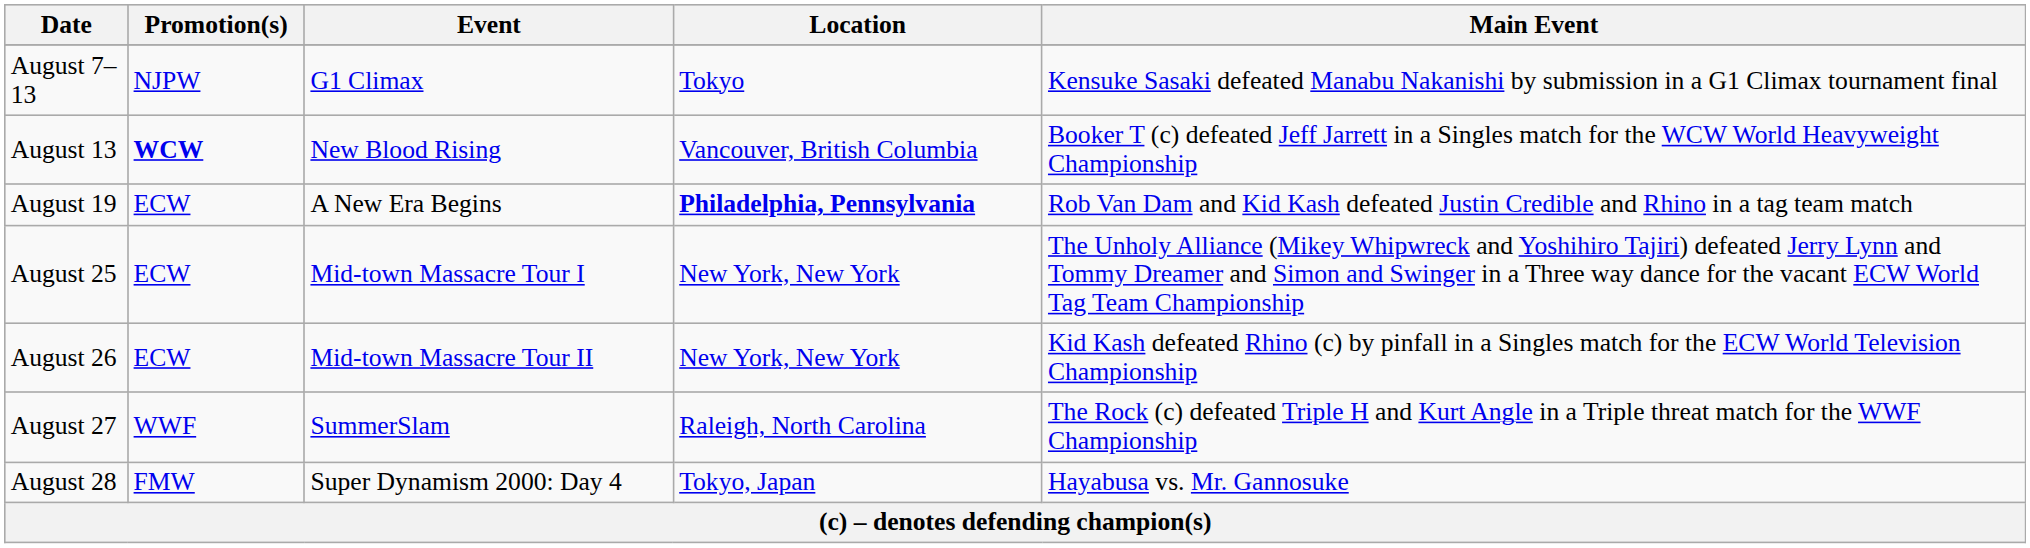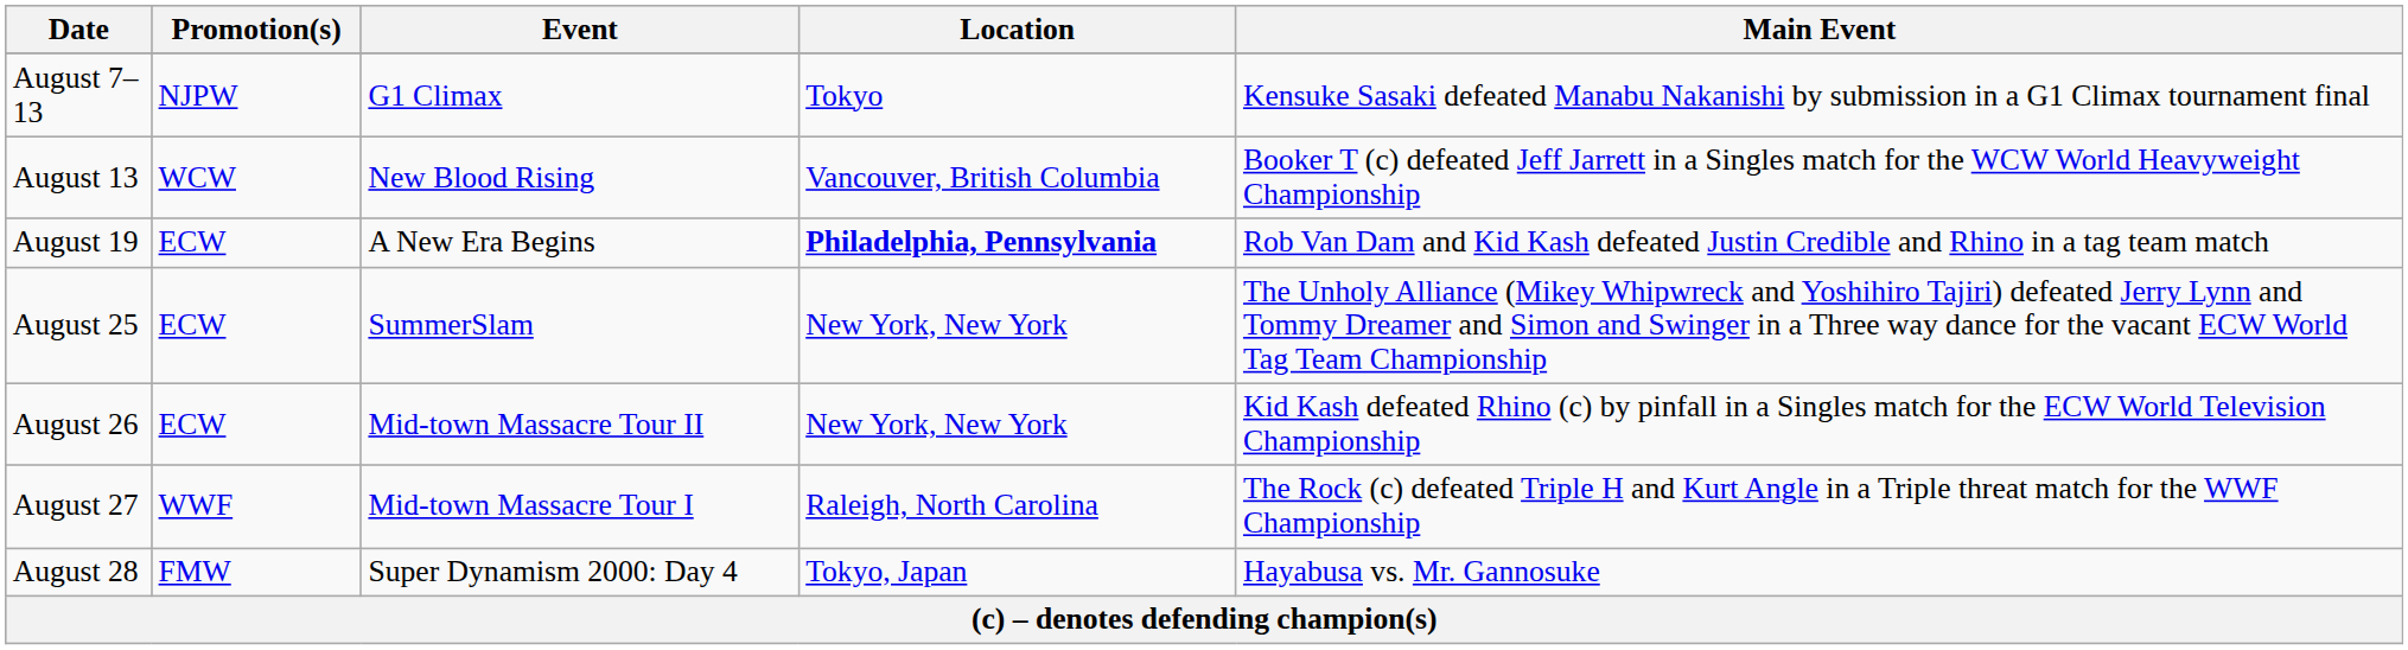 <table class="wikitable" style="width:100%;">
 <tr>
 <th width="5%">Date</th>
 <th width="5%">Promotion(s)</th>
 <th style="width:15%;">Event</th>
 <th style="width:15%;">Location</th>
 <th style="width:40%;">Main Event</th>
 </tr>
 <tr style="width:20%;" |Notes>
 </tr>
 <tr>
 <td>August 7–13</td>
 <td><a href='#'>NJPW</a></td>
 <td><a href='#'>G1 Climax</a></td>
 <td><a href='#'>Tokyo</a></td>
 <td><a href='#'>Kensuke Sasaki</a> defeated <a href='#'>Manabu Nakanishi</a> by submission in a G1 Climax tournament final</td>
 </tr>
 <tr>
 <td>August 13</td>
-<td><strong><a href='#'>WCW</a></strong></td>
+<td><a href='#'>WCW</a></td>
 <td><a href='#'>New Blood Rising</a></td>
 <td><a href='#'>Vancouver, British Columbia</a></td>
 <td><a href='#'>Booker T</a> (c) defeated <a href='#'>Jeff Jarrett</a> in a Singles match for the <a href='#'>WCW World Heavyweight Championship</a></td>
 </tr>
 <tr>
 <td>August 19</td>
 <td><a href='#'>ECW</a></td>
 <td>A New Era Begins</td>
 <td><strong><a href='#'>Philadelphia, Pennsylvania</a></strong></td>
 <td><a href='#'>Rob Van Dam</a> and <a href='#'>Kid Kash</a> defeated <a href='#'>Justin Credible</a> and <a href='#'>Rhino</a> in a tag team match</td>
 </tr>
 <tr>
 <td>August 25</td>
 <td><a href='#'>ECW</a></td>
-<td><a href='#'>Mid-town Massacre Tour I</a></td>
+<td><a href='#'>SummerSlam</a></td>
 <td><a href='#'>New York, New York</a></td>
 <td><a href='#'>The Unholy Alliance</a> (<a href='#'>Mikey Whipwreck</a> and <a href='#'>Yoshihiro Tajiri</a>) defeated <a href='#'>Jerry Lynn</a> and <a href='#'>Tommy Dreamer</a> and <a href='#'>Simon and Swinger</a> in a Three way dance for the vacant <a href='#'>ECW World Tag Team Championship</a></td>
 </tr>
 <tr>
 <td>August 26</td>
 <td><a href='#'>ECW</a></td>
 <td><a href='#'>Mid-town Massacre Tour II</a></td>
 <td><a href='#'>New York, New York</a></td>
 <td><a href='#'>Kid Kash</a> defeated <a href='#'>Rhino</a> (c) by pinfall in a Singles match for the <a href='#'>ECW World Television Championship</a></td>
 </tr>
 <tr>
 <td>August 27</td>
 <td><a href='#'>WWF</a></td>
-<td><a href='#'>SummerSlam</a></td>
+<td><a href='#'>Mid-town Massacre Tour I</a></td>
 <td><a href='#'>Raleigh, North Carolina</a></td>
 <td><a href='#'>The Rock</a> (c) defeated <a href='#'>Triple H</a> and <a href='#'>Kurt Angle</a> in a Triple threat match for the <a href='#'>WWF Championship</a></td>
 </tr>
 <tr>
 <td>August 28</td>
 <td><a href='#'>FMW</a></td>
 <td>Super Dynamism 2000: Day 4</td>
 <td><a href='#'>Tokyo, Japan</a></td>
 <td><a href='#'>Hayabusa</a> vs. <a href='#'>Mr. Gannosuke</a></td>
 </tr>
 <tr>
 <th colspan="6">(c) – denotes defending champion(s)</th>
 </tr>
 </table>
